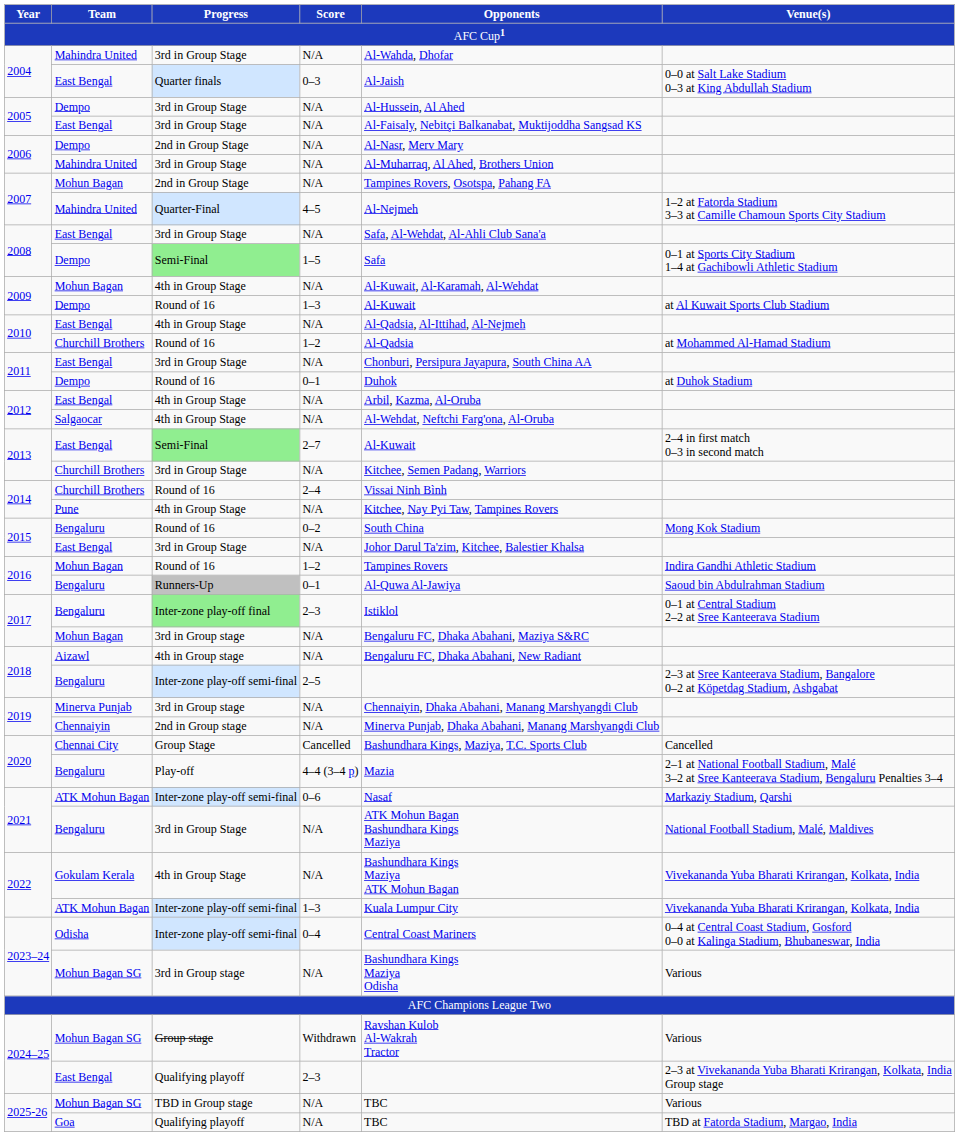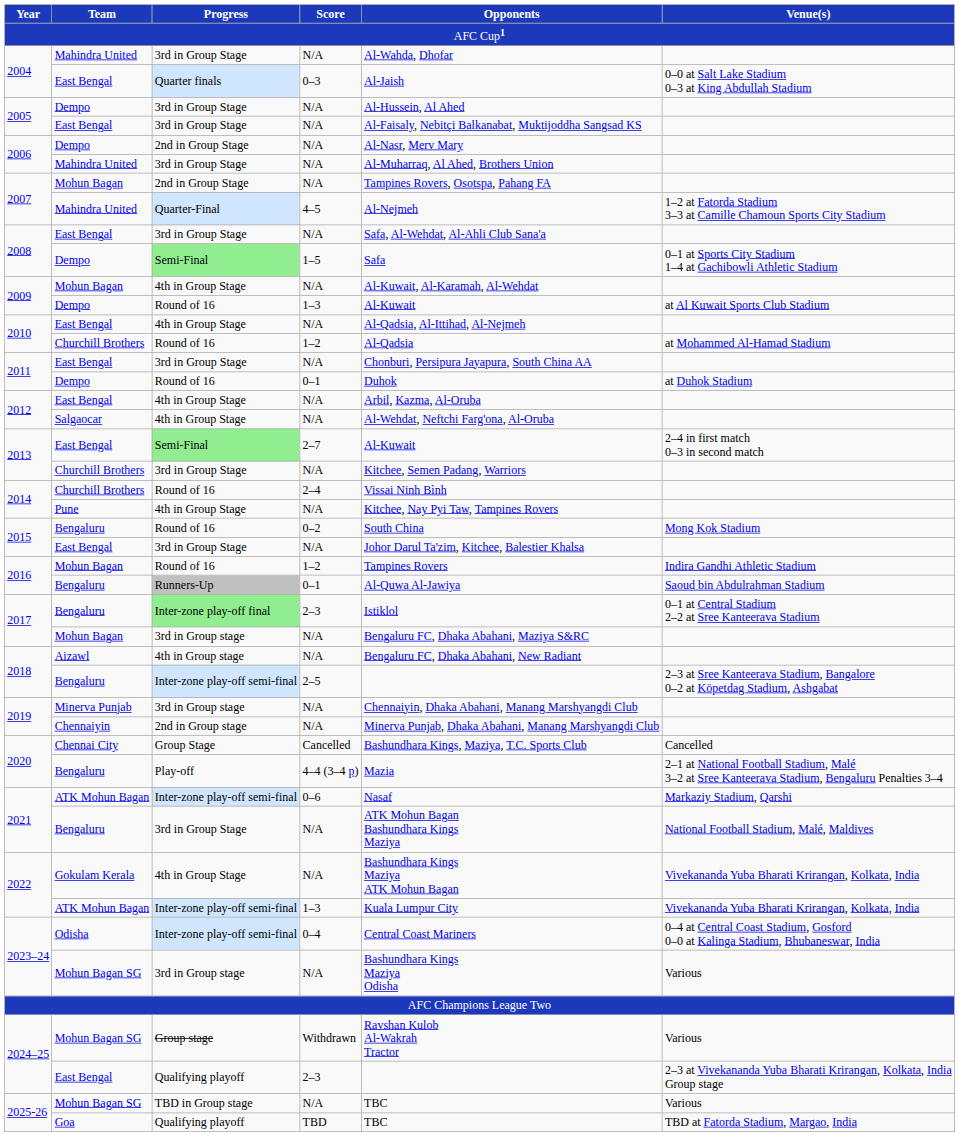 <table class="wikitable">
 <tr>
 <th style="background:#1C39BC; color:white; text-align:center;">Year</th>
 <th style="background:#1C39BC; color:white; text-align:center;">Team</th>
 <th style="background:#1C39BC; color:white; text-align:center;">Progress</th>
 <th style="background:#1C39BC; color:white; text-align:center;">Score</th>
 <th style="background:#1C39BC; color:white; text-align:center;">Opponents</th>
 <th style="background:#1C39BC; color:white; text-align:center;">Venue(s)</th>
 </tr>
 <tr>
 <td colspan=6 style="background:#1C39BC; color:white; text-align:center;">AFC Cup<sup><strong>1</strong></sup></td>
 </tr>
 <tr>
 <td rowspan=2><a href='#'>2004</a></td>
 <td><a href='#'>Mahindra United</a></td>
 <td>3rd in Group Stage</td>
 <td>N/A</td>
 <td> <a href='#'>Al-Wahda</a>,  <a href='#'>Dhofar</a></td>
 <td></td>
 </tr>
 <tr>
 <td><a href='#'>East Bengal</a></td>
 <td style="background:#D0E6FF;">Quarter finals</td>
 <td>0–3</td>
 <td> <a href='#'>Al-Jaish</a></td>
 <td>0–0 at <a href='#'>Salt Lake Stadium</a><br>0–3 at <a href='#'>King Abdullah Stadium</a></td>
 </tr>
 <tr>
 <td rowspan=2><a href='#'>2005</a></td>
 <td><a href='#'>Dempo</a></td>
 <td>3rd in Group Stage</td>
 <td>N/A</td>
 <td> <a href='#'>Al-Hussein</a>,  <a href='#'>Al Ahed</a></td>
 <td></td>
 </tr>
 <tr>
 <td><a href='#'>East Bengal</a></td>
 <td>3rd in Group Stage</td>
 <td>N/A</td>
 <td> <a href='#'>Al-Faisaly</a>,  <a href='#'>Nebitçi Balkanabat</a>,  <a href='#'>Muktijoddha Sangsad KS</a></td>
 <td></td>
 </tr>
 <tr>
 <td rowspan=2><a href='#'>2006</a></td>
 <td><a href='#'>Dempo</a></td>
 <td>2nd in Group Stage</td>
 <td>N/A</td>
 <td> <a href='#'>Al-Nasr</a>,  <a href='#'>Merv Mary</a></td>
 <td></td>
 </tr>
 <tr>
 <td><a href='#'>Mahindra United</a></td>
 <td>3rd in Group Stage</td>
 <td>N/A</td>
 <td> <a href='#'>Al-Muharraq</a>,  <a href='#'>Al Ahed</a>,  <a href='#'>Brothers Union</a></td>
 <td></td>
 </tr>
 <tr>
 <td rowspan=2><a href='#'>2007</a></td>
 <td><a href='#'>Mohun Bagan</a></td>
 <td>2nd in Group Stage</td>
 <td>N/A</td>
 <td> <a href='#'>Tampines Rovers</a>,  <a href='#'>Osotspa</a>,  <a href='#'>Pahang FA</a></td>
 <td></td>
 </tr>
 <tr>
 <td><a href='#'>Mahindra United</a></td>
 <td style="background:#D0E6FF;">Quarter-Final</td>
 <td>4–5</td>
 <td> <a href='#'>Al-Nejmeh</a></td>
 <td>1–2 at <a href='#'>Fatorda Stadium</a><br>3–3 at <a href='#'>Camille Chamoun Sports City Stadium</a></td>
 </tr>
 <tr>
 <td rowspan=2><a href='#'>2008</a></td>
 <td><a href='#'>East Bengal</a></td>
 <td>3rd in Group Stage</td>
 <td>N/A</td>
 <td> <a href='#'>Safa</a>,  <a href='#'>Al-Wehdat</a>,  <a href='#'>Al-Ahli Club Sana'a</a></td>
 <td></td>
 </tr>
 <tr>
 <td><a href='#'>Dempo</a></td>
 <td style="background:lightgreen;">Semi-Final</td>
 <td>1–5</td>
 <td> <a href='#'>Safa</a></td>
 <td>0–1 at <a href='#'>Sports City Stadium</a><br>1–4 at <a href='#'>Gachibowli Athletic Stadium</a></td>
 </tr>
 <tr>
 <td rowspan=2><a href='#'>2009</a></td>
 <td><a href='#'>Mohun Bagan</a></td>
 <td>4th in Group Stage</td>
 <td>N/A</td>
 <td> <a href='#'>Al-Kuwait</a>,  <a href='#'>Al-Karamah</a>,  <a href='#'>Al-Wehdat</a></td>
 <td></td>
 </tr>
 <tr>
 <td><a href='#'>Dempo</a></td>
 <td>Round of 16</td>
 <td>1–3</td>
 <td> <a href='#'>Al-Kuwait</a></td>
 <td>at <a href='#'>Al Kuwait Sports Club Stadium</a></td>
 </tr>
 <tr>
 <td rowspan=2><a href='#'>2010</a></td>
 <td><a href='#'>East Bengal</a></td>
 <td>4th in Group Stage</td>
 <td>N/A</td>
 <td> <a href='#'>Al-Qadsia</a>,  <a href='#'>Al-Ittihad</a>,  <a href='#'>Al-Nejmeh</a></td>
 <td></td>
 </tr>
 <tr>
 <td><a href='#'>Churchill Brothers</a></td>
 <td>Round of 16</td>
 <td>1–2</td>
 <td> <a href='#'>Al-Qadsia</a></td>
 <td>at <a href='#'>Mohammed Al-Hamad Stadium</a></td>
 </tr>
 <tr>
 <td rowspan=2><a href='#'>2011</a></td>
 <td><a href='#'>East Bengal</a></td>
 <td>3rd in Group Stage</td>
 <td>N/A</td>
 <td> <a href='#'>Chonburi</a>,  <a href='#'>Persipura Jayapura</a>,  <a href='#'>South China AA</a></td>
 <td></td>
 </tr>
 <tr>
 <td><a href='#'>Dempo</a></td>
 <td>Round of 16</td>
 <td>0–1</td>
 <td> <a href='#'>Duhok</a></td>
 <td>at <a href='#'>Duhok Stadium</a></td>
 </tr>
 <tr>
 <td rowspan=2><a href='#'>2012</a></td>
 <td><a href='#'>East Bengal</a></td>
 <td>4th in Group Stage</td>
 <td>N/A</td>
 <td> <a href='#'>Arbil</a>,  <a href='#'>Kazma</a>,  <a href='#'>Al-Oruba</a></td>
 <td></td>
 </tr>
 <tr>
 <td><a href='#'>Salgaocar</a></td>
 <td>4th in Group Stage</td>
 <td>N/A</td>
 <td> <a href='#'>Al-Wehdat</a>,  <a href='#'>Neftchi Farg'ona</a>,  <a href='#'>Al-Oruba</a></td>
 <td></td>
 </tr>
 <tr>
 <td rowspan=2><a href='#'>2013</a></td>
 <td><a href='#'>East Bengal</a></td>
 <td style="background:lightgreen;">Semi-Final</td>
 <td>2–7</td>
 <td><a href='#'>Al-Kuwait</a></td>
 <td>2–4 in first match <br>0–3 in second match</td>
 </tr>
 <tr>
 <td><a href='#'>Churchill Brothers</a></td>
 <td>3rd in Group Stage</td>
 <td>N/A</td>
 <td> <a href='#'>Kitchee</a>,  <a href='#'>Semen Padang</a>,  <a href='#'>Warriors</a></td>
 <td></td>
 </tr>
 <tr>
 <td rowspan=2><a href='#'>2014</a></td>
 <td><a href='#'>Churchill Brothers</a></td>
 <td>Round of 16</td>
 <td>2–4</td>
 <td><a href='#'>Vissai Ninh Bình</a></td>
 <td></td>
 </tr>
 <tr>
 <td><a href='#'>Pune</a></td>
 <td>4th in Group Stage</td>
 <td>N/A</td>
 <td> <a href='#'>Kitchee</a>,  <a href='#'>Nay Pyi Taw</a>,  <a href='#'>Tampines Rovers</a></td>
 <td></td>
 </tr>
 <tr>
 <td rowspan=2><a href='#'>2015</a></td>
 <td><a href='#'>Bengaluru</a></td>
 <td>Round of 16</td>
 <td>0–2</td>
 <td> <a href='#'>South China</a></td>
 <td><a href='#'>Mong Kok Stadium</a></td>
 </tr>
 <tr>
 <td><a href='#'>East Bengal</a></td>
 <td>3rd in Group Stage</td>
 <td>N/A</td>
 <td> <a href='#'>Johor Darul Ta'zim</a>,  <a href='#'>Kitchee</a>,  <a href='#'>Balestier Khalsa</a></td>
 <td></td>
 </tr>
 <tr>
 <td rowspan=2><a href='#'>2016</a></td>
 <td><a href='#'>Mohun Bagan</a></td>
 <td>Round of 16</td>
 <td>1–2</td>
 <td> <a href='#'>Tampines Rovers</a></td>
 <td><a href='#'>Indira Gandhi Athletic Stadium</a></td>
 </tr>
 <tr>
 <td><a href='#'>Bengaluru</a></td>
 <td style="background:silver;">Runners-Up</td>
 <td>0–1</td>
 <td> <a href='#'>Al-Quwa Al-Jawiya</a></td>
 <td><a href='#'>Saoud bin Abdulrahman Stadium</a></td>
 </tr>
 <tr>
 <td rowspan=2><a href='#'>2017</a></td>
 <td><a href='#'>Bengaluru</a></td>
 <td style="background:lightgreen;">Inter-zone play-off final</td>
 <td>2–3</td>
 <td> <a href='#'>Istiklol</a></td>
 <td>0–1 at <a href='#'>Central Stadium</a><br>2–2 at <a href='#'>Sree Kanteerava Stadium</a></td>
 </tr>
 <tr>
 <td><a href='#'>Mohun Bagan</a></td>
 <td>3rd in Group stage</td>
 <td>N/A</td>
 <td> <a href='#'>Bengaluru FC</a>,  <a href='#'>Dhaka Abahani</a>,  <a href='#'>Maziya S&RC</a></td>
 <td></td>
 </tr>
 <tr>
 <td rowspan=2><a href='#'>2018</a></td>
 <td><a href='#'>Aizawl</a></td>
 <td>4th in Group stage</td>
 <td>N/A</td>
 <td> <a href='#'>Bengaluru FC</a>,  <a href='#'>Dhaka Abahani</a>,  <a href='#'>New Radiant</a></td>
 <td></td>
 </tr>
 <tr>
 <td><a href='#'>Bengaluru</a></td>
 <td style="background:#D0E6FF;">Inter-zone play-off semi-final</td>
 <td>2–5</td>
 <td></td>
 <td>2–3 at <a href='#'>Sree Kanteerava Stadium</a>, <a href='#'>Bangalore</a><br>0–2 at <a href='#'>Köpetdag Stadium</a>, <a href='#'>Ashgabat</a></td>
 </tr>
 <tr>
 <td rowspan=2><a href='#'>2019</a></td>
 <td><a href='#'>Minerva Punjab</a></td>
 <td>3rd in Group stage</td>
 <td>N/A</td>
 <td> <a href='#'>Chennaiyin</a>,  <a href='#'>Dhaka Abahani</a>,  <a href='#'>Manang Marshyangdi Club</a></td>
 <td></td>
 </tr>
 <tr>
 <td><a href='#'>Chennaiyin</a></td>
 <td>2nd in Group stage</td>
 <td>N/A</td>
 <td> <a href='#'>Minerva Punjab</a>,  <a href='#'>Dhaka Abahani</a>,  <a href='#'>Manang Marshyangdi Club</a></td>
 <td></td>
 </tr>
 <tr>
 <td rowspan=2><a href='#'>2020</a></td>
 <td><a href='#'>Chennai City</a></td>
 <td>Group Stage</td>
 <td>Cancelled</td>
 <td> <a href='#'>Bashundhara Kings</a>,  <a href='#'>Maziya</a>,  <a href='#'>T.C. Sports Club</a></td>
 <td>Cancelled</td>
 </tr>
 <tr>
 <td><a href='#'>Bengaluru</a></td>
 <td>Play-off</td>
 <td>4–4 (3–4 <a href='#'>p</a>)</td>
 <td> <a href='#'>Mazia</a></td>
 <td>2–1 at <a href='#'>National Football Stadium</a>, <a href='#'>Malé</a><br>3–2 at <a href='#'>Sree Kanteerava Stadium</a>, <a href='#'>Bengaluru</a> Penalties 3–4</td>
 </tr>
 <tr>
 <td rowspan=2><a href='#'>2021</a></td>
 <td><a href='#'>ATK Mohun Bagan</a></td>
 <td style="background:#D0E6FF;">Inter-zone play-off semi-final</td>
 <td>0–6</td>
 <td> <a href='#'>Nasaf</a></td>
 <td><a href='#'>Markaziy Stadium</a>, <a href='#'>Qarshi</a></td>
 </tr>
 <tr>
 <td><a href='#'>Bengaluru</a></td>
 <td>3rd in Group Stage</td>
 <td>N/A</td>
 <td> <a href='#'>ATK Mohun Bagan</a><br> <a href='#'>Bashundhara Kings</a><br> <a href='#'>Maziya</a></td>
 <td><a href='#'>National Football Stadium</a>, <a href='#'>Malé</a>, <a href='#'>Maldives</a></td>
 </tr>
 <tr>
 <td rowspan=2><a href='#'>2022</a></td>
 <td><a href='#'>Gokulam Kerala</a></td>
 <td>4th in Group Stage</td>
 <td>N/A</td>
 <td> <a href='#'>Bashundhara Kings</a><br> <a href='#'>Maziya</a><br> <a href='#'>ATK Mohun Bagan</a></td>
 <td><a href='#'>Vivekananda Yuba Bharati Krirangan</a>, <a href='#'>Kolkata</a>, <a href='#'>India</a></td>
 </tr>
 <tr>
 <td><a href='#'>ATK Mohun Bagan</a></td>
 <td style="background:#D0E6FF;">Inter-zone play-off semi-final</td>
 <td>1–3</td>
 <td> <a href='#'>Kuala Lumpur City</a></td>
 <td><a href='#'>Vivekananda Yuba Bharati Krirangan</a>, <a href='#'>Kolkata</a>, <a href='#'>India</a></td>
 </tr>
 <tr>
 <td rowspan="2"><a href='#'>2023–24</a></td>
 <td><a href='#'>Odisha</a></td>
 <td style="background:#D0E6FF;">Inter-zone play-off semi-final</td>
 <td>0–4</td>
 <td> <a href='#'>Central Coast Mariners</a></td>
 <td>0–4 at <a href='#'>Central Coast Stadium</a>, <a href='#'>Gosford</a><br>0–0 at <a href='#'>Kalinga Stadium</a>, <a href='#'>Bhubaneswar</a>,  <a href='#'>India</a></td>
 </tr>
 <tr>
 <td><a href='#'>Mohun Bagan SG</a></td>
 <td>3rd in Group stage</td>
 <td>N/A</td>
 <td> <a href='#'>Bashundhara Kings</a><br> <a href='#'>Maziya</a><br> <a href='#'>Odisha</a></td>
 <td>Various</td>
 </tr>
 <tr>
 <td colspan=6 style="background:#1C39BC; color:white; text-align:center;">AFC Champions League Two</td>
 </tr>
 <tr>
 <td rowspan="2"><a href='#'>2024–25</a></td>
 <td><a href='#'>Mohun Bagan SG</a></td>
 <td><s>Group stage</s></td>
 <td>Withdrawn</td>
 <td> <a href='#'>Ravshan Kulob</a><br> <a href='#'>Al-Wakrah</a><br> <a href='#'>Tractor</a></td>
 <td>Various</td>
 </tr>
 <tr>
 <td><a href='#'>East Bengal</a></td>
 <td>Qualifying playoff</td>
 <td>2–3</td>
 <td></td>
 <td>2–3 at <a href='#'>Vivekananda Yuba Bharati Krirangan</a>, <a href='#'>Kolkata</a>, <a href='#'>India</a><br>Group stage</td>
 </tr>
 <tr>
 <td rowspan="2"><a href='#'>2025-26</a></td>
 <td><a href='#'>Mohun Bagan SG</a></td>
 <td>TBD in Group stage</td>
 <td>N/A</td>
 <td>TBC</td>
 <td>Various</td>
 </tr>
 <tr>
 <td><a href='#'>Goa</a></td>
 <td>Qualifying playoff</td>
-<td>N/A</td>
+<td>TBD</td>
 <td> TBC</td>
 <td>TBD at <a href='#'>Fatorda Stadium</a>, <a href='#'>Margao</a>, <a href='#'>India</a></td>
 </tr>
 </table>
